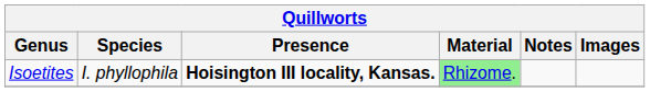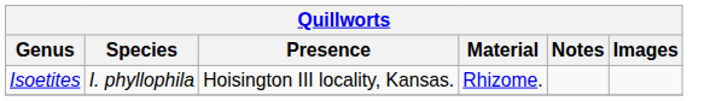 <table class="wikitable" align="center">
 <tr>
 <th colspan="6" align="center"><strong><a href='#'>Quillworts</a></strong></th>
 </tr>
 <tr>
 <th>Genus</th>
 <th>Species</th>
 <th>Presence</th>
 <th><strong>Material</strong></th>
 <th>Notes</th>
 <th>Images</th>
 </tr>
 <tr>
 <td><em><a href='#'>Isoetites</a></em></td>
 <td><em>I. phyllophila</em></td>
-<td><strong>Hoisington III locality, Kansas.</strong></td>
-<td style="background: lightgreen;"><a href='#'>Rhizome</a>.</td>
+<td>Hoisington III locality, Kansas.</td>
+<td><a href='#'>Rhizome</a>.</td>
 <td></td>
 <td></td>
 </tr>
 <tr>
 </tr>
 </table>
